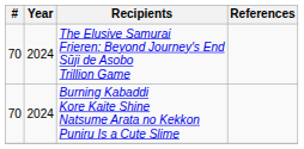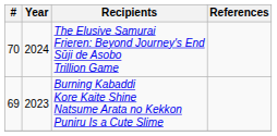 <table class="wikitable">
 <tr>
 <th>#</th>
 <th>Year</th>
 <th>Recipients</th>
 <th>References</th>
 </tr>
 <tr>
 <td>70</td>
 <td>2024</td>
 <td><em><a href='#'>The Elusive Samurai</a></em><br><em><a href='#'>Frieren: Beyond Journey's End</a></em><br><em><a href='#'>Sūji de Asobo</a></em><br><em><a href='#'>Trillion Game</a></em></td>
 <td></td>
 </tr>
 <tr>
-<td>70</td>
-<td>2024</td>
+<td>69</td>
+<td>2023</td>
 <td><em><a href='#'>Burning Kabaddi</a></em><br><em><a href='#'>Kore Kaite Shine</a></em><br><em><a href='#'>Natsume Arata no Kekkon</a></em><br><em><a href='#'>Puniru Is a Cute Slime</a></em></td>
 <td></td>
 </tr>
 <tr>
 </tr>
 </table>
